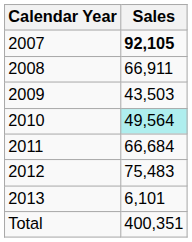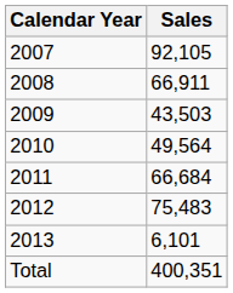 <table class="wikitable">
 <tr>
 <th>Calendar Year</th>
 <th>Sales</th>
 </tr>
 <tr>
 <td>2007</td>
-<td><strong>92,105</strong></td>
+<td>92,105</td>
 </tr>
 <tr>
 <td>2008</td>
 <td>66,911</td>
 </tr>
 <tr>
 <td>2009</td>
 <td>43,503</td>
 </tr>
 <tr>
 <td>2010</td>
-<td style="background: paleturquoise;">49,564</td>
+<td>49,564</td>
 </tr>
 <tr>
 <td>2011</td>
 <td>66,684</td>
 </tr>
 <tr>
 <td>2012</td>
 <td>75,483</td>
 </tr>
 <tr>
 <td>2013</td>
 <td>6,101</td>
 </tr>
 <tr>
 <td>Total</td>
 <td>400,351</td>
 </tr>
 </table>
